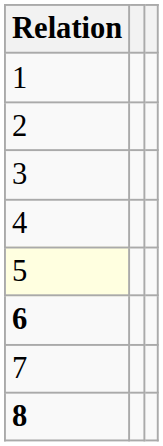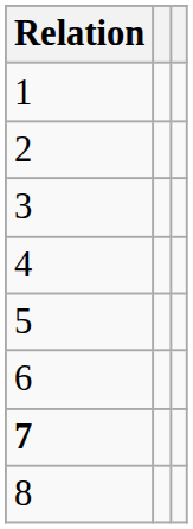 <table class="wikitable">
 <tr>
 <th>Relation</th>
 <th></th>
 <th></th>
 </tr>
 <tr>
 <td>1</td>
 <td></td>
 <td></td>
 </tr>
 <tr>
 <td>2</td>
 <td></td>
 <td></td>
 </tr>
 <tr>
 <td>3</td>
 <td></td>
 <td></td>
 </tr>
 <tr>
 <td>4</td>
 <td></td>
 <td></td>
 </tr>
 <tr>
-<td style="background: lightyellow;">5</td>
+<td>5</td>
 <td></td>
 <td></td>
 </tr>
 <tr>
-<td><strong>6</strong></td>
+<td>6</td>
 <td></td>
 <td></td>
 </tr>
 <tr>
-<td>7</td>
+<td><strong>7</strong></td>
 <td></td>
 <td></td>
 </tr>
 <tr>
-<td><strong>8</strong></td>
+<td>8</td>
 <td></td>
 <td></td>
 </tr>
 </table>
